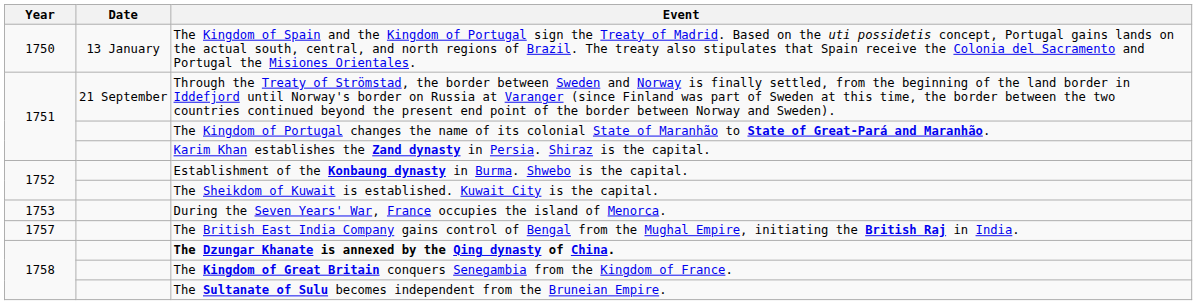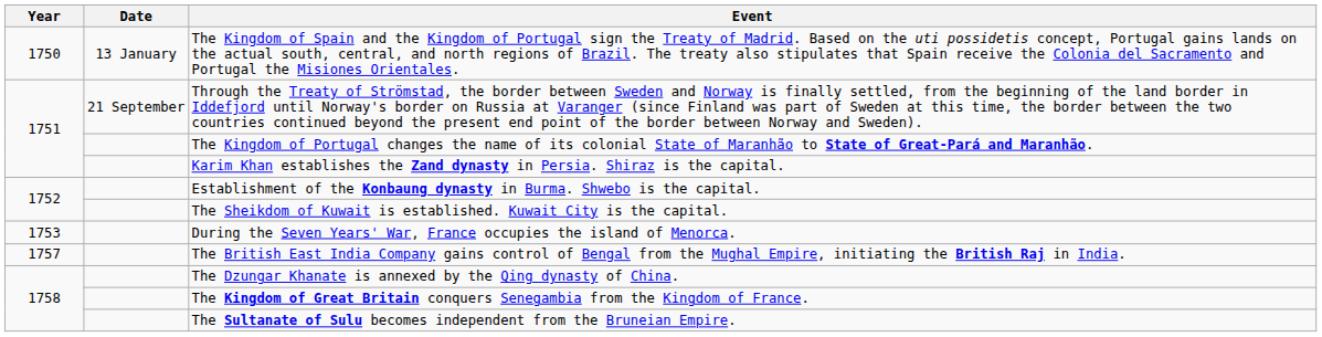 <table class=wikitable style="width:100%;">
 <tr>
 <th style="width:6%">Year</th>
 <th style="width:8%">Date</th>
 <th style="width:86%">Event</th>
 </tr>
 <tr>
 <td align=center>1750</td>
 <td align=center>13 January</td>
 <td>The <a href='#'>Kingdom of Spain</a> and the <a href='#'>Kingdom of Portugal</a> sign the <a href='#'>Treaty of Madrid</a>. Based on the <em>uti possidetis</em> concept, Portugal gains lands on the actual south, central, and north regions of <a href='#'>Brazil</a>. The treaty also stipulates that Spain receive the <a href='#'>Colonia del Sacramento</a> and Portugal the <a href='#'>Misiones Orientales</a>.</td>
 </tr>
 <tr>
 <td rowspan=3 align=center>1751</td>
 <td align=center>21 September</td>
 <td>Through the <a href='#'>Treaty of Strömstad</a>, the border between <a href='#'>Sweden</a> and <a href='#'>Norway</a> is finally settled, from the beginning of the land border in <a href='#'>Iddefjord</a> until Norway's border on Russia at <a href='#'>Varanger</a> (since Finland was part of Sweden at this time, the border between the two countries continued beyond the present end point of the border between Norway and Sweden).</td>
 </tr>
 <tr>
 <td></td>
 <td>The <a href='#'>Kingdom of Portugal</a> changes the name of its colonial <a href='#'>State of Maranhão</a> to <strong><a href='#'>State of Great-Pará and Maranhão</a></strong>.</td>
 </tr>
 <tr>
 <td></td>
 <td><a href='#'>Karim Khan</a> establishes the <strong><a href='#'>Zand dynasty</a></strong> in <a href='#'>Persia</a>. <a href='#'>Shiraz</a> is the capital.</td>
 </tr>
 <tr>
 <td rowspan=2 align=center>1752</td>
 <td></td>
 <td>Establishment of the <strong><a href='#'>Konbaung dynasty</a></strong> in <a href='#'>Burma</a>. <a href='#'>Shwebo</a> is the capital.</td>
 </tr>
 <tr>
 <td></td>
 <td>The <a href='#'>Sheikdom of Kuwait</a> is established. <a href='#'>Kuwait City</a> is the capital.</td>
 </tr>
 <tr>
 <td align=center>1753</td>
 <td></td>
 <td>During the <a href='#'>Seven Years' War</a>, <a href='#'>France</a> occupies the island of <a href='#'>Menorca</a>.</td>
 </tr>
 <tr>
 <td align=center>1757</td>
 <td></td>
 <td>The <a href='#'>British East India Company</a> gains control of <a href='#'>Bengal</a> from the <a href='#'>Mughal Empire</a>, initiating the <strong><a href='#'>British Raj</a></strong> in <a href='#'>India</a>.</td>
 </tr>
 <tr>
 <td rowspan=3 align=center>1758</td>
 <td></td>
-<td><strong>The <a href='#'>Dzungar Khanate</a> is annexed by the <a href='#'>Qing dynasty</a> of <a href='#'>China</a>.</strong></td>
+<td>The <a href='#'>Dzungar Khanate</a> is annexed by the <a href='#'>Qing dynasty</a> of <a href='#'>China</a>.</td>
 </tr>
 <tr>
 <td></td>
 <td>The <strong><a href='#'>Kingdom of Great Britain</a></strong> conquers <a href='#'>Senegambia</a> from the <a href='#'>Kingdom of France</a>.</td>
 </tr>
 <tr>
 <td></td>
 <td>The <strong><a href='#'>Sultanate of Sulu</a></strong> becomes independent from the <a href='#'>Bruneian Empire</a>.</td>
 </tr>
 </table>
